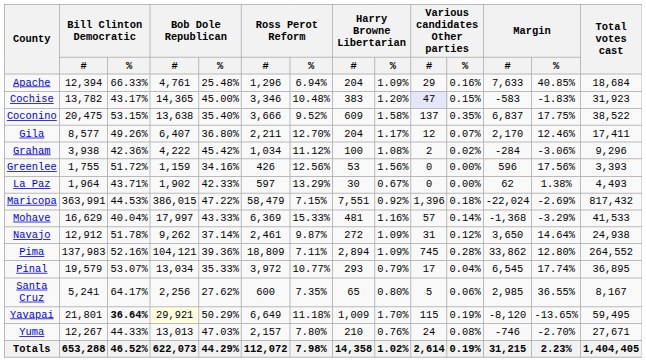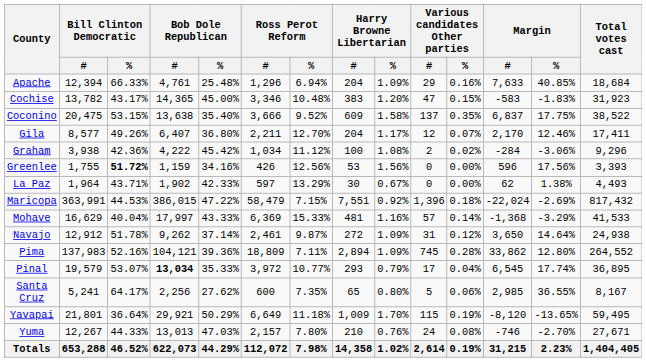 <table width="60%" class="wikitable sortable" style="text-align:center">
 <tr>
 <th style="text-align:center;" rowspan="2">County</th>
 <th style="text-align:center;" colspan="2">Bill Clinton<br>Democratic</th>
 <th style="text-align:center;" colspan="2">Bob Dole<br>Republican</th>
 <th style="text-align:center;" colspan="2">Ross Perot<br>Reform</th>
 <th style="text-align:center;" colspan="2">Harry Browne<br>Libertarian</th>
 <th style="text-align:center;" colspan="2">Various candidates<br>Other parties</th>
 <th style="text-align:center;" colspan="2">Margin</th>
 <th style="text-align:center;" rowspan="2">Total votes cast</th>
 </tr>
 <tr>
 <th style="text-align:center;" data-sort-type="number">#</th>
 <th style="text-align:center;" data-sort-type="number">%</th>
 <th style="text-align:center;" data-sort-type="number">#</th>
 <th style="text-align:center;" data-sort-type="number">%</th>
 <th style="text-align:center;" data-sort-type="number">#</th>
 <th style="text-align:center;" data-sort-type="number">%</th>
 <th style="text-align:center;" data-sort-type="number">#</th>
 <th style="text-align:center;" data-sort-type="number">%</th>
 <th style="text-align:center;" data-sort-type="number">#</th>
 <th style="text-align:center;" data-sort-type="number">%</th>
 <th style="text-align:center;" data-sort-type="number">#</th>
 <th style="text-align:center;" data-sort-type="number">%</th>
 </tr>
 <tr style="text-align:center;">
 <td><a href='#'>Apache</a></td>
 <td>12,394</td>
 <td>66.33%</td>
 <td>4,761</td>
 <td>25.48%</td>
 <td>1,296</td>
 <td>6.94%</td>
 <td>204</td>
 <td>1.09%</td>
 <td>29</td>
 <td>0.16%</td>
 <td>7,633</td>
 <td>40.85%</td>
 <td>18,684</td>
 </tr>
 <tr style="text-align:center;">
 <td><a href='#'>Cochise</a></td>
 <td>13,782</td>
 <td>43.17%</td>
 <td>14,365</td>
 <td>45.00%</td>
 <td>3,346</td>
 <td>10.48%</td>
 <td>383</td>
 <td>1.20%</td>
-<td style="background: lavender;">47</td>
+<td>47</td>
 <td>0.15%</td>
 <td>-583</td>
 <td>-1.83%</td>
 <td>31,923</td>
 </tr>
 <tr style="text-align:center;">
 <td><a href='#'>Coconino</a></td>
 <td>20,475</td>
 <td>53.15%</td>
 <td>13,638</td>
 <td>35.40%</td>
 <td>3,666</td>
 <td>9.52%</td>
 <td>609</td>
 <td>1.58%</td>
 <td>137</td>
 <td>0.35%</td>
 <td>6,837</td>
 <td>17.75%</td>
 <td>38,522</td>
 </tr>
 <tr style="text-align:center;">
 <td><a href='#'>Gila</a></td>
 <td>8,577</td>
 <td>49.26%</td>
 <td>6,407</td>
 <td>36.80%</td>
 <td>2,211</td>
 <td>12.70%</td>
 <td>204</td>
 <td>1.17%</td>
 <td>12</td>
 <td>0.07%</td>
 <td>2,170</td>
 <td>12.46%</td>
 <td>17,411</td>
 </tr>
 <tr style="text-align:center;">
 <td><a href='#'>Graham</a></td>
 <td>3,938</td>
 <td>42.36%</td>
 <td>4,222</td>
 <td>45.42%</td>
 <td>1,034</td>
 <td>11.12%</td>
 <td>100</td>
 <td>1.08%</td>
 <td>2</td>
 <td>0.02%</td>
 <td>-284</td>
 <td>-3.06%</td>
 <td>9,296</td>
 </tr>
 <tr style="text-align:center;">
 <td><a href='#'>Greenlee</a></td>
 <td>1,755</td>
-<td>51.72%</td>
+<td><strong>51.72%</strong></td>
 <td>1,159</td>
 <td>34.16%</td>
 <td>426</td>
 <td>12.56%</td>
 <td>53</td>
 <td>1.56%</td>
 <td>0</td>
 <td>0.00%</td>
 <td>596</td>
 <td>17.56%</td>
 <td>3,393</td>
 </tr>
 <tr style="text-align:center;">
 <td><a href='#'>La Paz</a></td>
 <td>1,964</td>
 <td>43.71%</td>
 <td>1,902</td>
 <td>42.33%</td>
 <td>597</td>
 <td>13.29%</td>
 <td>30</td>
 <td>0.67%</td>
 <td>0</td>
 <td>0.00%</td>
 <td>62</td>
 <td>1.38%</td>
 <td>4,493</td>
 </tr>
 <tr style="text-align:center;">
 <td><a href='#'>Maricopa</a></td>
 <td>363,991</td>
 <td>44.53%</td>
 <td>386,015</td>
 <td>47.22%</td>
 <td>58,479</td>
 <td>7.15%</td>
 <td>7,551</td>
 <td>0.92%</td>
 <td>1,396</td>
 <td>0.18%</td>
 <td>-22,024</td>
 <td>-2.69%</td>
 <td>817,432</td>
 </tr>
 <tr style="text-align:center;">
 <td><a href='#'>Mohave</a></td>
 <td>16,629</td>
 <td>40.04%</td>
 <td>17,997</td>
 <td>43.33%</td>
 <td>6,369</td>
 <td>15.33%</td>
 <td>481</td>
 <td>1.16%</td>
 <td>57</td>
 <td>0.14%</td>
 <td>-1,368</td>
 <td>-3.29%</td>
 <td>41,533</td>
 </tr>
 <tr style="text-align:center;">
 <td><a href='#'>Navajo</a></td>
 <td>12,912</td>
 <td>51.78%</td>
 <td>9,262</td>
 <td>37.14%</td>
 <td>2,461</td>
 <td>9.87%</td>
 <td>272</td>
 <td>1.09%</td>
 <td>31</td>
 <td>0.12%</td>
 <td>3,650</td>
 <td>14.64%</td>
 <td>24,938</td>
 </tr>
 <tr style="text-align:center;">
 <td><a href='#'>Pima</a></td>
 <td>137,983</td>
 <td>52.16%</td>
 <td>104,121</td>
 <td>39.36%</td>
 <td>18,809</td>
 <td>7.11%</td>
 <td>2,894</td>
 <td>1.09%</td>
 <td>745</td>
 <td>0.28%</td>
 <td>33,862</td>
 <td>12.80%</td>
 <td>264,552</td>
 </tr>
 <tr style="text-align:center;">
 <td><a href='#'>Pinal</a></td>
 <td>19,579</td>
 <td>53.07%</td>
-<td>13,034</td>
+<td><strong>13,034</strong></td>
 <td>35.33%</td>
 <td>3,972</td>
 <td>10.77%</td>
 <td>293</td>
 <td>0.79%</td>
 <td>17</td>
 <td>0.04%</td>
 <td>6,545</td>
 <td>17.74%</td>
 <td>36,895</td>
 </tr>
 <tr style="text-align:center;">
 <td><a href='#'>Santa Cruz</a></td>
 <td>5,241</td>
 <td>64.17%</td>
 <td>2,256</td>
 <td>27.62%</td>
 <td>600</td>
 <td>7.35%</td>
 <td>65</td>
 <td>0.80%</td>
 <td>5</td>
 <td>0.06%</td>
 <td>2,985</td>
 <td>36.55%</td>
 <td>8,167</td>
 </tr>
 <tr style="text-align:center;">
 <td><a href='#'>Yavapai</a></td>
 <td>21,801</td>
-<td><strong>36.64%</strong></td>
-<td style="background: lightyellow;">29,921</td>
+<td>36.64%</td>
+<td>29,921</td>
 <td>50.29%</td>
 <td>6,649</td>
 <td>11.18%</td>
 <td>1,009</td>
 <td>1.70%</td>
 <td>115</td>
 <td>0.19%</td>
 <td>-8,120</td>
 <td>-13.65%</td>
 <td>59,495</td>
 </tr>
 <tr style="text-align:center;">
 <td><a href='#'>Yuma</a></td>
 <td>12,267</td>
 <td>44.33%</td>
 <td>13,013</td>
 <td>47.03%</td>
 <td>2,157</td>
 <td>7.80%</td>
 <td>210</td>
 <td>0.76%</td>
 <td>24</td>
 <td>0.08%</td>
 <td>-746</td>
 <td>-2.70%</td>
 <td>27,671</td>
 </tr>
 <tr style="text-align:center;">
 <th>Totals</th>
 <th>653,288</th>
 <th>46.52%</th>
 <th>622,073</th>
 <th>44.29%</th>
 <th>112,072</th>
 <th>7.98%</th>
 <th>14,358</th>
 <th>1.02%</th>
 <th>2,614</th>
 <th>0.19%</th>
 <th>31,215</th>
 <th>2.23%</th>
 <th>1,404,405</th>
 </tr>
 </table>
